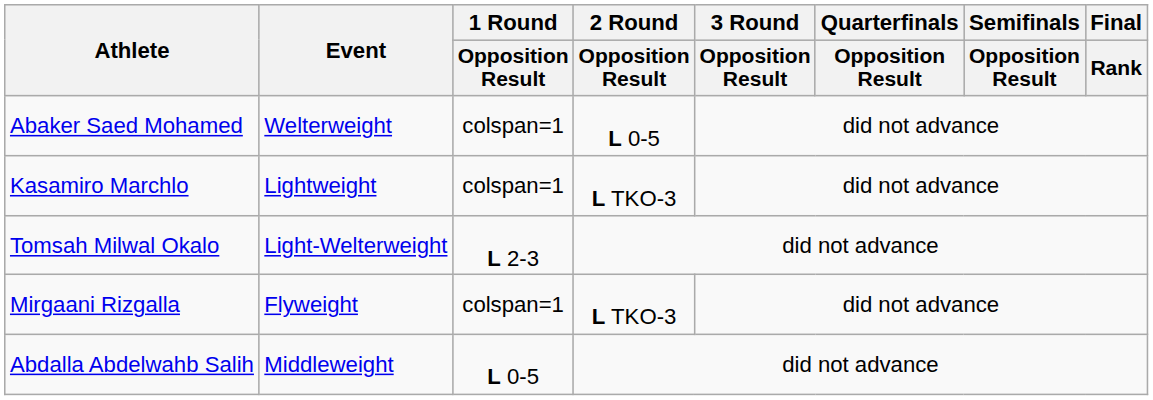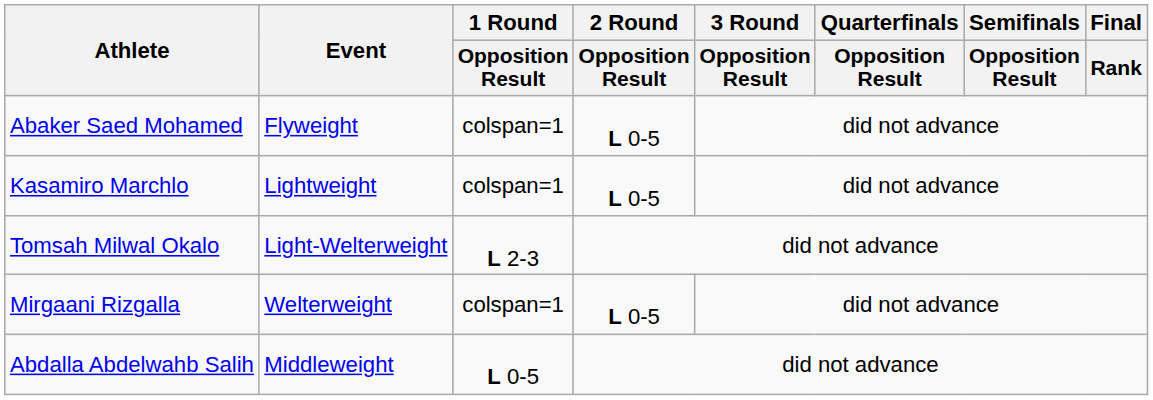 <table class="wikitable" style="font-size:90%">
 <tr>
 <th rowspan="2">Athlete</th>
 <th rowspan="2">Event</th>
 <th>1 Round</th>
 <th>2 Round</th>
 <th>3 Round</th>
 <th>Quarterfinals</th>
 <th>Semifinals</th>
 <th colspan=2>Final</th>
 </tr>
 <tr style="font-size:95%">
 <th>Opposition<br>Result</th>
 <th>Opposition<br>Result</th>
 <th>Opposition<br>Result</th>
 <th>Opposition<br>Result</th>
 <th>Opposition<br>Result</th>
 <th colspan=2>Rank</th>
 </tr>
 <tr align=center>
 <td align=left><a href='#'>Abaker Saed Mohamed</a></td>
-<td align=left><a href='#'>Welterweight</a></td>
+<td align=left><a href='#'>Flyweight</a></td>
 <td>colspan=1 </td>
 <td><br><strong>L</strong> 0-5</td>
 <td colspan=5>did not advance</td>
 </tr>
 <tr align=center>
 <td align=left><a href='#'>Kasamiro Marchlo</a></td>
 <td align=left><a href='#'>Lightweight</a></td>
 <td>colspan=1 </td>
-<td><br><strong>L</strong> TKO-3</td>
+<td><br><strong>L</strong> 0-5</td>
 <td colspan=5>did not advance</td>
 </tr>
 <tr align=center>
 <td align=left><a href='#'>Tomsah Milwal Okalo</a></td>
 <td align=left><a href='#'>Light-Welterweight</a></td>
 <td><br><strong>L</strong> 2-3</td>
 <td colspan=6>did not advance</td>
 </tr>
 <tr align=center>
 <td align=left><a href='#'>Mirgaani Rizgalla</a></td>
-<td align=left><a href='#'>Flyweight</a></td>
+<td align=left><a href='#'>Welterweight</a></td>
 <td>colspan=1 </td>
-<td><br><strong>L</strong> TKO-3</td>
+<td><br><strong>L</strong> 0-5</td>
 <td colspan=5>did not advance</td>
 </tr>
 <tr align=center>
 <td align=left><a href='#'>Abdalla Abdelwahb Salih</a></td>
 <td align=left><a href='#'>Middleweight</a></td>
 <td><br><strong>L</strong> 0-5</td>
 <td colspan=6>did not advance</td>
 </tr>
 </table>
